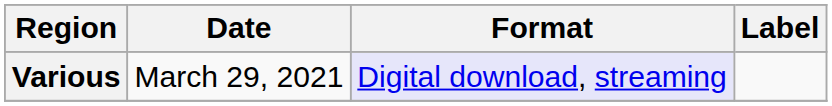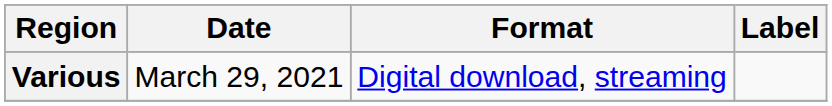 <table class="wikitable plainrowheaders">
 <tr>
 <th>Region</th>
 <th>Date</th>
 <th>Format</th>
 <th>Label</th>
 </tr>
 <tr>
 <th scope="row">Various</th>
 <td>March 29, 2021</td>
-<td style="background: lavender;"><a href='#'>Digital download</a>, <a href='#'>streaming</a></td>
+<td><a href='#'>Digital download</a>, <a href='#'>streaming</a></td>
 <td></td>
 </tr>
 <tr>
 </tr>
 </table>
